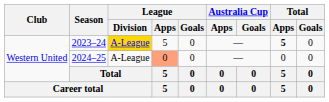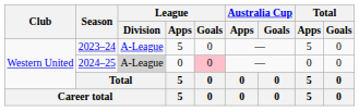 <table class="wikitable" style="text-align: center">
 <tr>
 <th rowspan="2">Club</th>
 <th rowspan="2">Season</th>
 <th colspan="3">League</th>
 <th colspan="2"><a href='#'>Australia Cup</a></th>
 <th colspan="2">Total</th>
 </tr>
 <tr>
 <th>Division</th>
 <th>Apps</th>
 <th>Goals</th>
 <th>Apps</th>
 <th>Goals</th>
 <th>Apps</th>
 <th>Goals</th>
 </tr>
 <tr>
 <td rowspan="3"><a href='#'>Western United</a></td>
 <td><a href='#'>2023–24</a></td>
-<td style="background: gold;"><a href='#'>A-League</a></td>
+<td><a href='#'>A-League</a></td>
 <td>5</td>
 <td>0</td>
 <td colspan="2">—</td>
-<td><strong>5</strong></td>
+<td>5</td>
 <td>0</td>
 </tr>
 <tr>
 <td><a href='#'>2024–25</a></td>
-<td>A-League</td>
-<td style="background: lightsalmon;">0</td>
+<td style="background: lightgrey;">A-League</td>
 <td>0</td>
+<td style="background: pink;">0</td>
 <td colspan="2">—</td>
 <td>0</td>
 <td>0</td>
 </tr>
 <tr>
 <th colspan="2">Total</th>
 <th>5</th>
 <th>0</th>
 <th>0</th>
 <th>0</th>
 <th>5</th>
 <th>0</th>
 </tr>
 <tr>
 <th colspan="3">Career total</th>
 <th>5</th>
 <th>0</th>
 <th>0</th>
 <th>0</th>
 <th>5</th>
 <th>0</th>
 </tr>
 </table>
